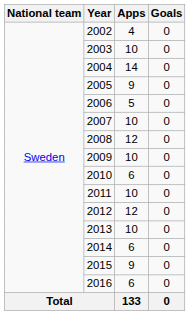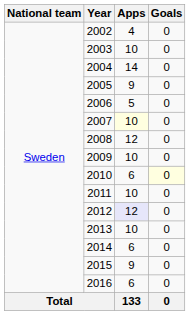 <table class="wikitable" style="text-align:center">
 <tr>
 <th>National team</th>
 <th>Year</th>
 <th>Apps</th>
 <th>Goals</th>
 </tr>
 <tr>
 <td rowspan="15"><a href='#'>Sweden</a></td>
 <td>2002</td>
 <td>4</td>
 <td>0</td>
 </tr>
 <tr>
 <td>2003</td>
 <td>10</td>
 <td>0</td>
 </tr>
 <tr>
 <td>2004</td>
 <td>14</td>
 <td>0</td>
 </tr>
 <tr>
 <td>2005</td>
 <td>9</td>
 <td>0</td>
 </tr>
 <tr>
 <td>2006</td>
 <td>5</td>
 <td>0</td>
 </tr>
 <tr>
 <td>2007</td>
-<td>10</td>
+<td style="background: lightyellow;">10</td>
 <td>0</td>
 </tr>
 <tr>
 <td>2008</td>
 <td>12</td>
 <td>0</td>
 </tr>
 <tr>
 <td>2009</td>
 <td>10</td>
 <td>0</td>
 </tr>
 <tr>
 <td>2010</td>
 <td>6</td>
-<td>0</td>
+<td style="background: lightyellow;">0</td>
 </tr>
 <tr>
 <td>2011</td>
 <td>10</td>
 <td>0</td>
 </tr>
 <tr>
 <td>2012</td>
-<td>12</td>
+<td style="background: lavender;">12</td>
 <td>0</td>
 </tr>
 <tr>
 <td>2013</td>
 <td>10</td>
 <td>0</td>
 </tr>
 <tr>
 <td>2014</td>
 <td>6</td>
 <td>0</td>
 </tr>
 <tr>
 <td>2015</td>
 <td>9</td>
 <td>0</td>
 </tr>
 <tr>
 <td>2016</td>
 <td>6</td>
 <td>0</td>
 </tr>
 <tr>
 <th colspan="2">Total</th>
 <th>133</th>
 <th>0</th>
 </tr>
 </table>
